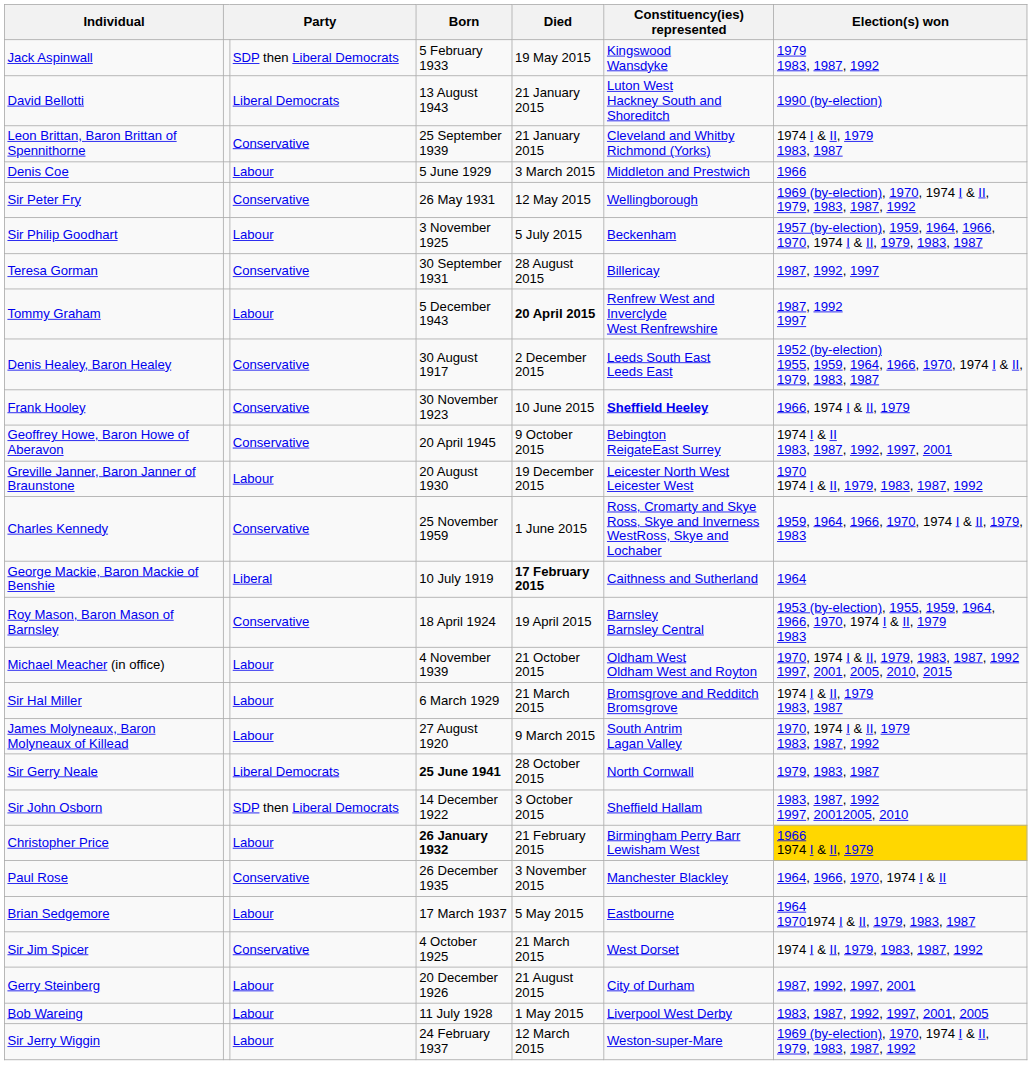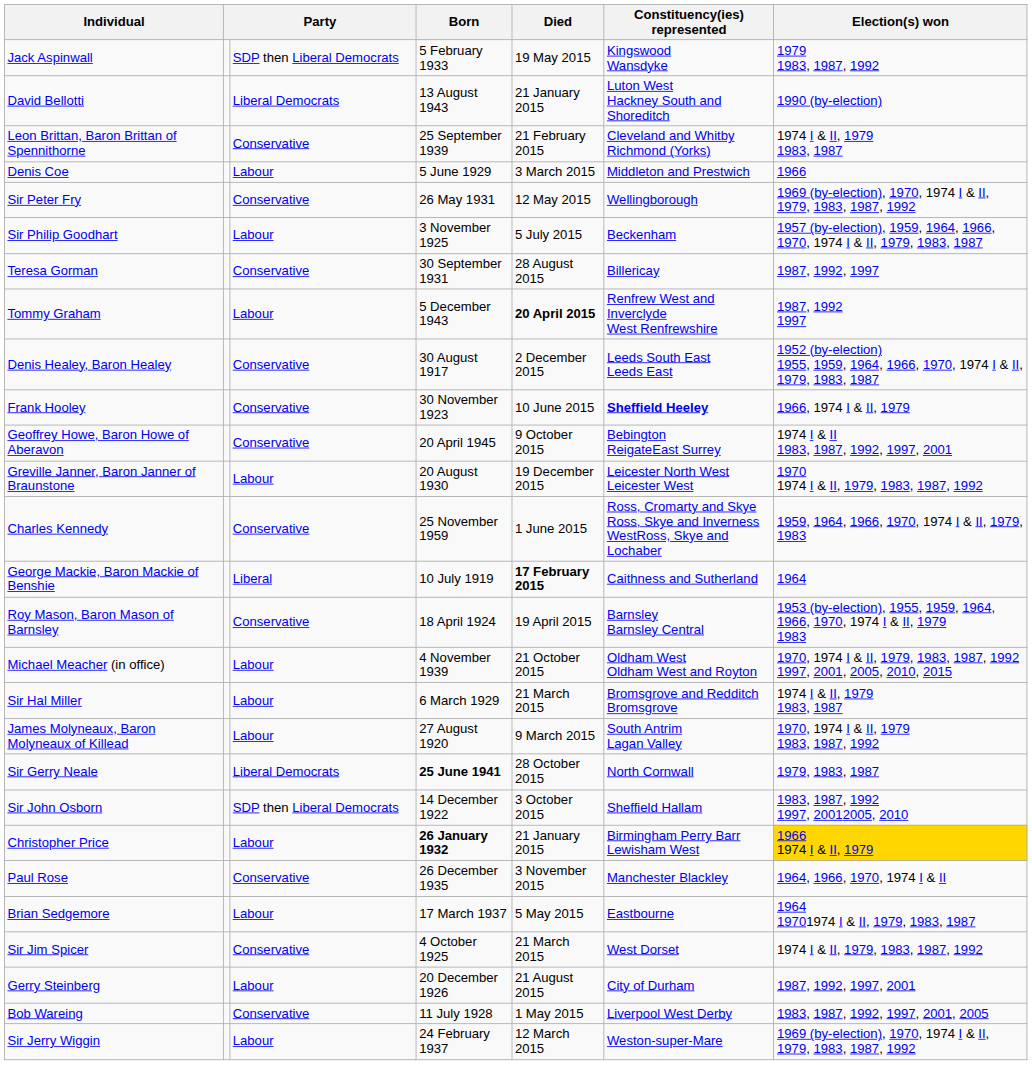 <table class="wikitable sortable">
 <tr>
 <th width="260px">Individual</th>
 <th colspan="2">Party</th>
 <th>Born</th>
 <th>Died</th>
 <th>Constituency(ies) represented</th>
 <th>Election(s) won</th>
 </tr>
 <tr>
 <td><a href='#'>Jack Aspinwall</a></td>
 <td style="background-color: "></td>
 <td><a href='#'>SDP</a> then <a href='#'>Liberal Democrats</a></td>
 <td>5 February 1933</td>
 <td>19 May 2015</td>
 <td><a href='#'>Kingswood</a><br><a href='#'>Wansdyke</a></td>
 <td><a href='#'>1979</a><br><a href='#'>1983</a>, <a href='#'>1987</a>, <a href='#'>1992</a></td>
 </tr>
 <tr>
 <td><a href='#'>David Bellotti</a></td>
 <td style="background-color: "></td>
 <td width="220px"><a href='#'>Liberal Democrats</a></td>
 <td>13 August 1943</td>
 <td>21 January 2015</td>
 <td><a href='#'>Luton West</a><br><a href='#'>Hackney South and Shoreditch</a></td>
 <td><a href='#'>1990 (by-election)</a></td>
 </tr>
 <tr>
 <td><a href='#'>Leon Brittan, Baron Brittan of Spennithorne</a></td>
 <td style="background-color: "></td>
 <td><a href='#'>Conservative</a></td>
 <td>25 September 1939</td>
-<td>21 January 2015</td>
+<td>21 February 2015</td>
 <td><a href='#'>Cleveland and Whitby</a><br><a href='#'>Richmond (Yorks)</a></td>
 <td>1974 <a href='#'>I</a> & <a href='#'>II</a>, <a href='#'>1979</a><br><a href='#'>1983</a>, <a href='#'>1987</a></td>
 </tr>
 <tr>
 <td><a href='#'>Denis Coe</a></td>
 <td style="background-color: "></td>
 <td><a href='#'>Labour</a></td>
 <td>5 June 1929</td>
 <td>3 March 2015</td>
 <td><a href='#'>Middleton and Prestwich</a></td>
 <td><a href='#'>1966</a></td>
 </tr>
 <tr>
 <td><a href='#'>Sir Peter Fry</a></td>
 <td style="background-color: "></td>
 <td><a href='#'>Conservative</a></td>
 <td>26 May 1931</td>
 <td>12 May 2015</td>
 <td><a href='#'>Wellingborough</a></td>
 <td><a href='#'>1969 (by-election)</a>, <a href='#'>1970</a>, 1974 <a href='#'>I</a> & <a href='#'>II</a>, <a href='#'>1979</a>, <a href='#'>1983</a>, <a href='#'>1987</a>, <a href='#'>1992</a></td>
 </tr>
 <tr>
 <td><a href='#'>Sir Philip Goodhart</a></td>
 <td style="background-color: "></td>
 <td><a href='#'>Labour</a></td>
 <td>3 November 1925</td>
 <td>5 July 2015</td>
 <td><a href='#'>Beckenham</a></td>
 <td><a href='#'>1957 (by-election)</a>, <a href='#'>1959</a>, <a href='#'>1964</a>, <a href='#'>1966</a>, <a href='#'>1970</a>, 1974 <a href='#'>I</a> & <a href='#'>II</a>, <a href='#'>1979</a>, <a href='#'>1983</a>, <a href='#'>1987</a></td>
 </tr>
 <tr>
 <td><a href='#'>Teresa Gorman</a></td>
 <td style="background-color: "></td>
 <td><a href='#'>Conservative</a></td>
 <td>30 September 1931</td>
 <td>28 August 2015</td>
 <td><a href='#'>Billericay</a></td>
 <td><a href='#'>1987</a>, <a href='#'>1992</a>, <a href='#'>1997</a></td>
 </tr>
 <tr>
 <td><a href='#'>Tommy Graham</a></td>
 <td style="background-color: "></td>
 <td><a href='#'>Labour</a></td>
 <td>5 December 1943</td>
 <td><strong>20 April 2015</strong></td>
 <td><a href='#'>Renfrew West and Inverclyde</a><br><a href='#'>West Renfrewshire</a></td>
 <td><a href='#'>1987</a>, <a href='#'>1992</a><br><a href='#'>1997</a></td>
 </tr>
 <tr>
 <td><a href='#'>Denis Healey, Baron Healey</a></td>
 <td style="background-color: "></td>
 <td><a href='#'>Conservative</a></td>
 <td>30 August 1917</td>
 <td>2 December 2015</td>
 <td><a href='#'>Leeds South East</a><br><a href='#'>Leeds East</a></td>
 <td><a href='#'>1952 (by-election)</a><br><a href='#'>1955</a>, <a href='#'>1959</a>, <a href='#'>1964</a>, <a href='#'>1966</a>, <a href='#'>1970</a>, 1974 <a href='#'>I</a> & <a href='#'>II</a>, <a href='#'>1979</a>, <a href='#'>1983</a>, <a href='#'>1987</a></td>
 </tr>
 <tr>
 <td><a href='#'>Frank Hooley</a></td>
 <td style="background-color: "></td>
 <td><a href='#'>Conservative</a></td>
 <td>30 November 1923</td>
 <td>10 June 2015</td>
 <td><strong><a href='#'>Sheffield Heeley</a></strong></td>
 <td><a href='#'>1966</a>, 1974 <a href='#'>I</a> & <a href='#'>II</a>, <a href='#'>1979</a></td>
 </tr>
 <tr>
 <td><a href='#'>Geoffrey Howe, Baron Howe of Aberavon</a></td>
 <td style="background-color: "></td>
 <td><a href='#'>Conservative</a></td>
 <td>20 April 1945</td>
 <td>9 October 2015</td>
 <td><a href='#'>Bebington</a><br><a href='#'>Reigate</a><a href='#'>East Surrey</a></td>
 <td>1974 <a href='#'>I</a> & <a href='#'>II</a><br><a href='#'>1983</a>, <a href='#'>1987</a>, <a href='#'>1992</a>, <a href='#'>1997</a>, <a href='#'>2001</a></td>
 </tr>
 <tr>
 <td><a href='#'>Greville Janner, Baron Janner of Braunstone</a></td>
 <td style="background-color: "></td>
 <td><a href='#'>Labour</a></td>
 <td>20 August 1930</td>
 <td>19 December 2015</td>
 <td><a href='#'>Leicester North West</a><br><a href='#'>Leicester West</a></td>
 <td><a href='#'>1970</a><br>1974 <a href='#'>I</a> & <a href='#'>II</a>, <a href='#'>1979</a>, <a href='#'>1983</a>, <a href='#'>1987</a>, <a href='#'>1992</a></td>
 </tr>
 <tr>
 <td><a href='#'>Charles Kennedy</a></td>
 <td style="background-color: "></td>
 <td><a href='#'>Conservative</a></td>
 <td>25 November 1959</td>
 <td>1 June 2015</td>
 <td><a href='#'>Ross, Cromarty and Skye</a><br><a href='#'>Ross, Skye and Inverness West</a><a href='#'>Ross, Skye and Lochaber</a></td>
 <td><a href='#'>1959</a>, <a href='#'>1964</a>, <a href='#'>1966</a>, <a href='#'>1970</a>, 1974 <a href='#'>I</a> & <a href='#'>II</a>, <a href='#'>1979</a>, <a href='#'>1983</a></td>
 </tr>
 <tr>
 <td><a href='#'>George Mackie, Baron Mackie of Benshie</a></td>
 <td style="background-color: "></td>
 <td><a href='#'>Liberal</a></td>
 <td>10 July 1919</td>
 <td><strong>17 February 2015</strong></td>
 <td><a href='#'>Caithness and Sutherland</a></td>
 <td><a href='#'>1964</a></td>
 </tr>
 <tr>
 <td><a href='#'>Roy Mason, Baron Mason of Barnsley</a></td>
 <td style="background-color: "></td>
 <td><a href='#'>Conservative</a></td>
 <td>18 April 1924</td>
 <td>19 April 2015</td>
 <td><a href='#'>Barnsley</a><br><a href='#'>Barnsley Central</a></td>
 <td><a href='#'>1953 (by-election)</a>, <a href='#'>1955</a>, <a href='#'>1959</a>, <a href='#'>1964</a>, <a href='#'>1966</a>, <a href='#'>1970</a>, 1974 <a href='#'>I</a> & <a href='#'>II</a>, <a href='#'>1979</a><br><a href='#'>1983</a></td>
 </tr>
 <tr>
 <td><a href='#'>Michael Meacher</a> (in office)</td>
 <td style="background-color: "></td>
 <td><a href='#'>Labour</a></td>
 <td>4 November 1939</td>
 <td>21 October 2015</td>
 <td><a href='#'>Oldham West</a><br><a href='#'>Oldham West and Royton</a></td>
 <td><a href='#'>1970</a>, 1974 <a href='#'>I</a> & <a href='#'>II</a>, <a href='#'>1979</a>, <a href='#'>1983</a>, <a href='#'>1987</a>, <a href='#'>1992</a><br><a href='#'>1997</a>, <a href='#'>2001</a>, <a href='#'>2005</a>, <a href='#'>2010</a>, <a href='#'>2015</a></td>
 </tr>
 <tr>
 <td><a href='#'>Sir Hal Miller</a></td>
 <td style="background-color: "></td>
 <td><a href='#'>Labour</a></td>
 <td>6 March 1929</td>
 <td>21 March 2015</td>
 <td><a href='#'>Bromsgrove and Redditch</a><br><a href='#'>Bromsgrove</a></td>
 <td>1974 <a href='#'>I</a> & <a href='#'>II</a>, <a href='#'>1979</a><br><a href='#'>1983</a>, <a href='#'>1987</a></td>
 </tr>
 <tr>
 <td><a href='#'>James Molyneaux, Baron Molyneaux of Killead</a></td>
 <td style="background-color: "></td>
 <td><a href='#'>Labour</a></td>
 <td>27 August 1920</td>
 <td>9 March 2015</td>
 <td><a href='#'>South Antrim</a><br><a href='#'>Lagan Valley</a></td>
 <td><a href='#'>1970</a>, 1974 <a href='#'>I</a> & <a href='#'>II</a>, <a href='#'>1979</a><br><a href='#'>1983</a>, <a href='#'>1987</a>, <a href='#'>1992</a></td>
 </tr>
 <tr>
 <td><a href='#'>Sir Gerry Neale</a></td>
 <td style="background-color: "></td>
 <td width="220px"><a href='#'>Liberal Democrats</a></td>
 <td><strong>25 June 1941</strong></td>
 <td>28 October 2015</td>
 <td><a href='#'>North Cornwall</a></td>
 <td><a href='#'>1979</a>, <a href='#'>1983</a>, <a href='#'>1987</a></td>
 </tr>
 <tr>
 <td><a href='#'>Sir John Osborn</a></td>
 <td style="background-color: "></td>
 <td><a href='#'>SDP</a> then <a href='#'>Liberal Democrats</a></td>
 <td>14 December 1922</td>
 <td>3 October 2015</td>
 <td><a href='#'>Sheffield Hallam</a></td>
 <td><a href='#'>1983</a>, <a href='#'>1987</a>, <a href='#'>1992</a><br><a href='#'>1997</a>, <a href='#'>2001</a><a href='#'>2005</a>, <a href='#'>2010</a></td>
 </tr>
 <tr>
 <td><a href='#'>Christopher Price</a></td>
 <td style="background-color: "></td>
 <td><a href='#'>Labour</a></td>
 <td><strong>26 January 1932</strong></td>
-<td>21 February 2015</td>
+<td>21 January 2015</td>
 <td><a href='#'>Birmingham Perry Barr</a><br><a href='#'>Lewisham West</a></td>
 <td style="background: gold;"><a href='#'>1966</a><br>1974 <a href='#'>I</a> & <a href='#'>II</a>, <a href='#'>1979</a></td>
 </tr>
 <tr>
 <td><a href='#'>Paul Rose</a></td>
 <td style="background-color: "></td>
 <td><a href='#'>Conservative</a></td>
 <td>26 December 1935</td>
 <td>3 November 2015</td>
 <td><a href='#'>Manchester Blackley</a></td>
 <td><a href='#'>1964</a>, <a href='#'>1966</a>, <a href='#'>1970</a>, 1974 <a href='#'>I</a> & <a href='#'>II</a></td>
 </tr>
 <tr>
 <td><a href='#'>Brian Sedgemore</a></td>
 <td style="background-color: "></td>
 <td><a href='#'>Labour</a></td>
 <td>17 March 1937</td>
 <td>5 May 2015</td>
 <td width="200px"><a href='#'>Eastbourne</a></td>
 <td><a href='#'>1964</a><br><a href='#'>1970</a>1974 <a href='#'>I</a> & <a href='#'>II</a>, <a href='#'>1979</a>, <a href='#'>1983</a>, <a href='#'>1987</a></td>
 </tr>
 <tr>
 <td><a href='#'>Sir Jim Spicer</a></td>
 <td style="background-color: "></td>
 <td><a href='#'>Conservative</a></td>
 <td>4 October 1925</td>
 <td>21 March 2015</td>
 <td><a href='#'>West Dorset</a></td>
 <td>1974 <a href='#'>I</a> & <a href='#'>II</a>, <a href='#'>1979</a>, <a href='#'>1983</a>, <a href='#'>1987</a>, <a href='#'>1992</a></td>
 </tr>
 <tr>
 <td><a href='#'>Gerry Steinberg</a></td>
 <td style="background-color: "></td>
 <td><a href='#'>Labour</a></td>
 <td>20 December 1926</td>
 <td>21 August 2015</td>
 <td><a href='#'>City of Durham</a></td>
 <td><a href='#'>1987</a>, <a href='#'>1992</a>, <a href='#'>1997</a>, <a href='#'>2001</a></td>
 </tr>
 <tr>
 <td><a href='#'>Bob Wareing</a></td>
 <td style="background-color: "></td>
-<td><a href='#'>Labour</a></td>
+<td><a href='#'>Conservative</a></td>
 <td>11 July 1928</td>
 <td>1 May 2015</td>
 <td><a href='#'>Liverpool West Derby</a></td>
 <td><a href='#'>1983</a>, <a href='#'>1987</a>, <a href='#'>1992</a>, <a href='#'>1997</a>, <a href='#'>2001</a>, <a href='#'>2005</a></td>
 </tr>
 <tr>
 <td><a href='#'>Sir Jerry Wiggin</a></td>
 <td style="background-color: "></td>
 <td><a href='#'>Labour</a></td>
 <td>24 February 1937</td>
 <td>12 March 2015</td>
 <td><a href='#'>Weston-super-Mare</a></td>
 <td><a href='#'>1969 (by-election)</a>, <a href='#'>1970</a>, 1974 <a href='#'>I</a> & <a href='#'>II</a>, <a href='#'>1979</a>, <a href='#'>1983</a>, <a href='#'>1987</a>, <a href='#'>1992</a></td>
 </tr>
 </table>
